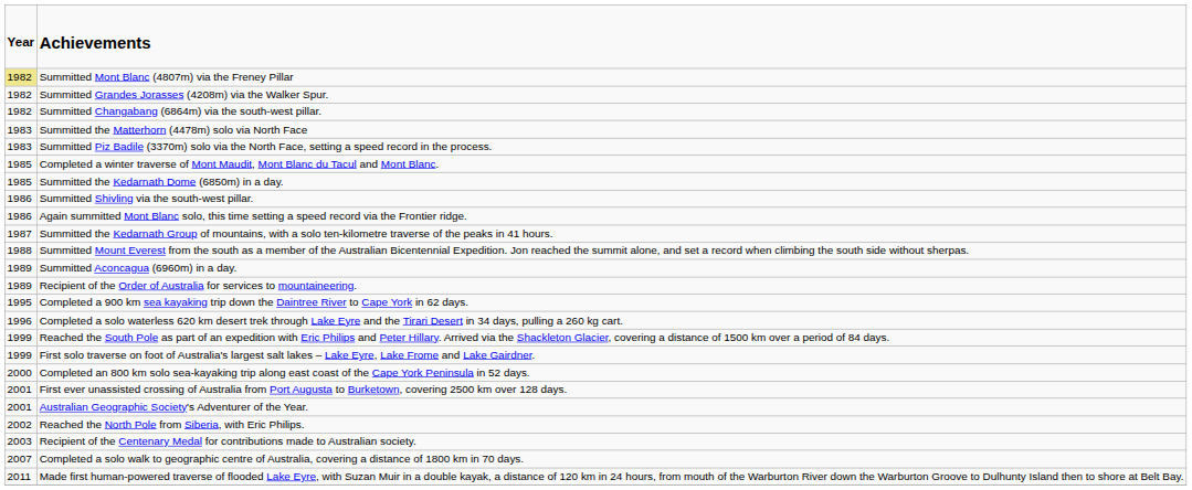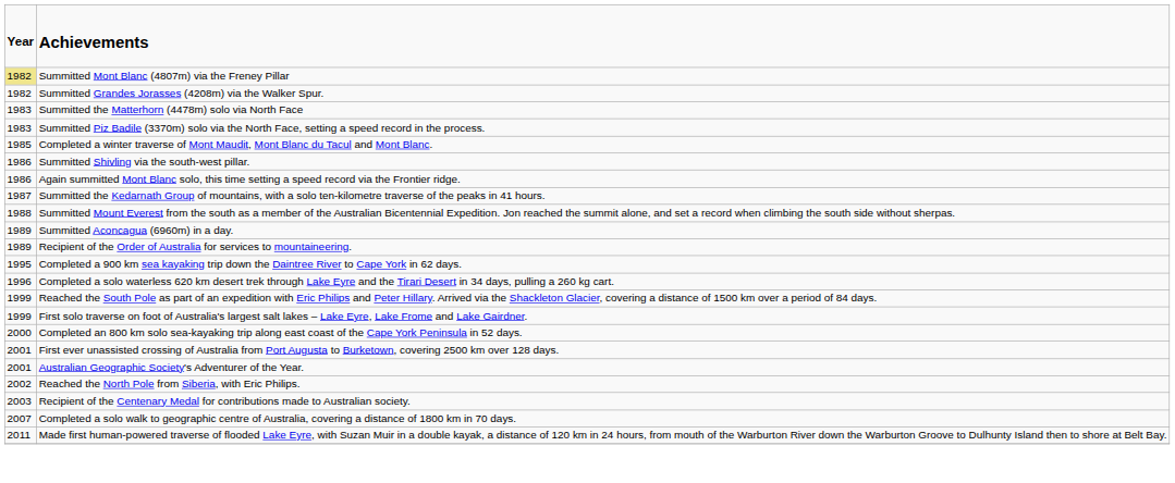 <table class="wikitable">
 <tr>
 <td><br><h3>Year</h3></td>
 <td><br><h2>Achievements</h2></td>
 </tr>
 <tr>
 <td style="background: khaki;">1982</td>
 <td>Summitted <a href='#'>Mont Blanc</a> (4807m) via the Freney Pillar</td>
 </tr>
 <tr>
 <td>1982</td>
 <td>Summitted <a href='#'>Grandes Jorasses</a> (4208m) via the Walker Spur.</td>
 </tr>
 <tr>
-<td>1982</td>
-<td>Summitted <a href='#'>Changabang</a> (6864m) via the south-west pillar.</td>
-</tr>
-<tr>
 <td>1983</td>
 <td>Summitted the <a href='#'>Matterhorn</a> (4478m) solo via North Face</td>
 </tr>
 <tr>
 <td>1983</td>
 <td>Summitted <a href='#'>Piz Badile</a> (3370m) solo via the North Face, setting a speed record in the process.</td>
 </tr>
 <tr>
 <td>1985</td>
 <td>Completed a winter traverse of <a href='#'>Mont Maudit</a>, <a href='#'>Mont Blanc du Tacul</a> and <a href='#'>Mont Blanc</a>.</td>
-</tr>
-<tr>
-<td>1985</td>
-<td>Summitted the <a href='#'>Kedarnath Dome</a> (6850m) in a day.</td>
 </tr>
 <tr>
 <td>1986</td>
 <td>Summitted <a href='#'>Shivling</a> via the south-west pillar.</td>
 </tr>
 <tr>
 <td>1986</td>
 <td>Again summitted <a href='#'>Mont Blanc</a> solo, this time setting a speed record via the Frontier ridge.</td>
 </tr>
 <tr>
 <td>1987</td>
 <td>Summitted the <a href='#'>Kedarnath Group</a> of mountains, with a solo ten-kilometre traverse of the peaks in 41 hours.</td>
 </tr>
 <tr>
 <td>1988</td>
 <td>Summitted <a href='#'>Mount Everest</a> from the south as a member of the Australian Bicentennial Expedition. Jon reached the summit alone, and set a record when climbing the south side without sherpas.</td>
 </tr>
 <tr>
 <td>1989</td>
 <td>Summitted <a href='#'>Aconcagua</a> (6960m) in a day.</td>
 </tr>
 <tr>
 <td>1989</td>
 <td>Recipient of the <a href='#'>Order of Australia</a> for services to <a href='#'>mountaineering</a>.</td>
 </tr>
 <tr>
 <td>1995</td>
 <td>Completed a 900 km <a href='#'>sea kayaking</a> trip down the <a href='#'>Daintree River</a> to <a href='#'>Cape York</a> in 62 days.</td>
 </tr>
 <tr>
 <td>1996</td>
 <td>Completed a solo waterless 620 km desert trek through <a href='#'>Lake Eyre</a> and the <a href='#'>Tirari Desert</a> in 34 days, pulling a 260 kg cart.</td>
 </tr>
 <tr>
 <td>1999</td>
 <td>Reached the <a href='#'>South Pole</a> as part of an expedition with <a href='#'>Eric Philips</a> and <a href='#'>Peter Hillary</a>. Arrived via the <a href='#'>Shackleton Glacier</a>, covering a distance of 1500 km over a period of 84 days.</td>
 </tr>
 <tr>
 <td>1999</td>
 <td>First solo traverse on foot of Australia's largest salt lakes – <a href='#'>Lake Eyre</a>, <a href='#'>Lake Frome</a> and <a href='#'>Lake Gairdner</a>.</td>
 </tr>
 <tr>
 <td>2000</td>
 <td>Completed an 800 km solo sea-kayaking trip along east coast of the <a href='#'>Cape York Peninsula</a> in 52 days.</td>
 </tr>
 <tr>
 <td>2001</td>
 <td>First ever unassisted crossing of Australia from <a href='#'>Port Augusta</a> to <a href='#'>Burketown</a>, covering 2500 km over 128 days.</td>
 </tr>
 <tr>
 <td>2001</td>
 <td><a href='#'>Australian Geographic Society</a>'s Adventurer of the Year.</td>
 </tr>
 <tr>
 <td>2002</td>
 <td>Reached the <a href='#'>North Pole</a> from <a href='#'>Siberia</a>, with Eric Philips.</td>
 </tr>
 <tr>
 <td>2003</td>
 <td>Recipient of the <a href='#'>Centenary Medal</a> for contributions made to Australian society.</td>
 </tr>
 <tr>
 <td>2007</td>
 <td>Completed a solo walk to geographic centre of Australia, covering a distance of 1800 km in 70 days.</td>
 </tr>
 <tr>
 <td>2011</td>
 <td>Made first human-powered traverse of flooded <a href='#'>Lake Eyre</a>, with Suzan Muir in a double kayak, a distance of 120 km in 24 hours, from mouth of the Warburton River down the Warburton Groove to Dulhunty Island then to shore at Belt Bay.</td>
 </tr>
 <tr>
 </tr>
 </table>
